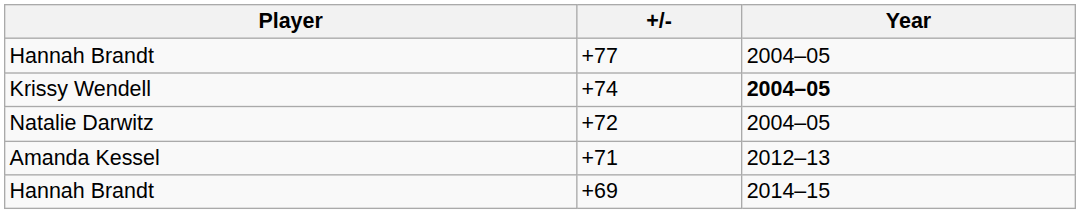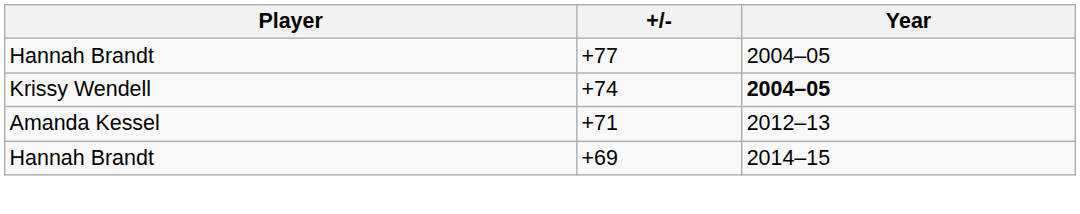 <table class="wikitable" style="width: 50em">
 <tr>
 <th>Player</th>
 <th>+/-</th>
 <th>Year</th>
 </tr>
 <tr>
 <td>Hannah Brandt</td>
 <td>+77</td>
 <td>2004–05</td>
 </tr>
 <tr>
 <td>Krissy Wendell</td>
 <td>+74</td>
 <td><strong>2004–05</strong></td>
 </tr>
 <tr>
-<td>Natalie Darwitz</td>
-<td>+72</td>
-<td>2004–05</td>
-</tr>
-<tr>
 <td>Amanda Kessel</td>
 <td>+71</td>
 <td>2012–13</td>
 </tr>
 <tr>
 <td>Hannah Brandt</td>
 <td>+69</td>
 <td>2014–15</td>
 </tr>
 </table>
